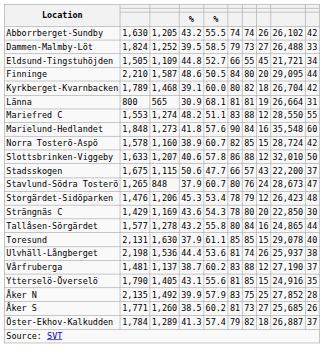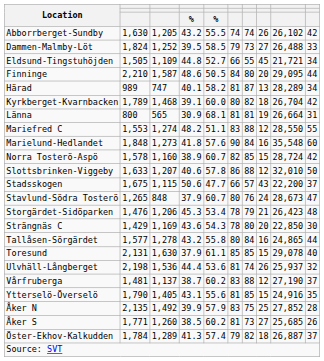 <table role="presentation" class="wikitable sortable mw-collapsible mw-collapsed">
 <tr>
 <th rowspan="3">Location</th>
 <th></th>
 <th></th>
 <th></th>
 <th></th>
 <th></th>
 <th></th>
 <th></th>
 <th></th>
 <th></th>
 </tr>
 <tr>
 <th></th>
 <th></th>
 <th style="background:"></th>
 <th style="background:"></th>
 <th></th>
 <th></th>
 <th></th>
 <th></th>
 <th></th>
 </tr>
 <tr>
 <th data-sort-type="number"></th>
 <th data-sort-type="number"></th>
 <th data-sort-type="number">%</th>
 <th data-sort-type="number">%</th>
 <th data-sort-type="number"></th>
 <th data-sort-type="number"></th>
 <th data-sort-type="number"></th>
 <th data-sort-type="number"></th>
 <th data-sort-type="number"></th>
 </tr>
 <tr>
 <td align="left">Abborrberget-Sundby</td>
 <td>1,630</td>
 <td>1,205</td>
 <td>43.2</td>
 <td>55.5</td>
 <td>74</td>
 <td>74</td>
 <td>26</td>
 <td>26,102</td>
 <td>42</td>
 </tr>
 <tr>
 <td align="left">Dammen-Malmby-Löt</td>
 <td>1,824</td>
 <td>1,252</td>
 <td>39.5</td>
 <td>58.5</td>
 <td>79</td>
 <td>73</td>
 <td>27</td>
 <td>26,488</td>
 <td>33</td>
 </tr>
 <tr>
 <td align="left">Eldsund-Tingstuhöjden</td>
 <td>1,505</td>
 <td>1,109</td>
 <td>44.8</td>
 <td>52.7</td>
 <td>66</td>
 <td>55</td>
 <td>45</td>
 <td>21,721</td>
 <td>34</td>
 </tr>
 <tr>
 <td align="left">Finninge</td>
 <td>2,210</td>
 <td>1,587</td>
 <td>48.6</td>
 <td>50.5</td>
 <td>84</td>
 <td>80</td>
 <td>20</td>
 <td>29,095</td>
 <td>44</td>
+</tr>
+<tr>
+<td align="left">Härad</td>
+<td>989</td>
+<td>747</td>
+<td>40.1</td>
+<td>58.2</td>
+<td>81</td>
+<td>87</td>
+<td>13</td>
+<td>28,289</td>
+<td>34</td>
 </tr>
 <tr>
 <td align="left">Kyrkberget-Kvarnbacken</td>
 <td>1,789</td>
 <td>1,468</td>
 <td>39.1</td>
 <td>60.0</td>
 <td>80</td>
 <td>82</td>
 <td>18</td>
 <td>26,704</td>
 <td>42</td>
 </tr>
 <tr>
 <td align="left">Länna</td>
 <td>800</td>
 <td>565</td>
 <td>30.9</td>
 <td>68.1</td>
 <td>81</td>
 <td>81</td>
 <td>19</td>
 <td>26,664</td>
 <td>31</td>
 </tr>
 <tr>
 <td align="left">Mariefred C</td>
 <td>1,553</td>
 <td>1,274</td>
 <td>48.2</td>
 <td>51.1</td>
 <td>83</td>
 <td>88</td>
 <td>12</td>
 <td>28,550</td>
 <td>55</td>
 </tr>
 <tr>
 <td align="left">Marielund-Hedlandet</td>
 <td>1,848</td>
 <td>1,273</td>
 <td>41.8</td>
 <td>57.6</td>
 <td>90</td>
 <td>84</td>
 <td>16</td>
 <td>35,548</td>
 <td>60</td>
 </tr>
 <tr>
 <td align="left">Norra Tosterö-Aspö</td>
 <td>1,578</td>
 <td>1,160</td>
 <td>38.9</td>
 <td>60.7</td>
 <td>82</td>
 <td>85</td>
 <td>15</td>
 <td>28,724</td>
 <td>42</td>
 </tr>
 <tr>
 <td align="left">Slottsbrinken-Viggeby</td>
 <td>1,633</td>
 <td>1,207</td>
 <td>40.6</td>
 <td>57.8</td>
 <td>86</td>
 <td>88</td>
 <td>12</td>
 <td>32,010</td>
 <td>50</td>
 </tr>
 <tr>
 <td align="left">Stadsskogen</td>
 <td>1,675</td>
 <td>1,115</td>
 <td>50.6</td>
 <td>47.7</td>
 <td>66</td>
 <td>57</td>
 <td>43</td>
 <td>22,200</td>
 <td>37</td>
 </tr>
 <tr>
 <td align="left">Stavlund-Södra Tosterö</td>
 <td>1,265</td>
 <td>848</td>
 <td>37.9</td>
 <td>60.7</td>
 <td>80</td>
 <td>76</td>
 <td>24</td>
 <td>28,673</td>
 <td>47</td>
 </tr>
 <tr>
 <td align="left">Storgärdet-Sidöparken</td>
 <td>1,476</td>
 <td>1,206</td>
 <td>45.3</td>
 <td>53.4</td>
 <td>78</td>
 <td>79</td>
-<td>12</td>
+<td>21</td>
 <td>26,423</td>
 <td>48</td>
 </tr>
 <tr>
 <td align="left">Strängnäs C</td>
 <td>1,429</td>
 <td>1,169</td>
 <td>43.6</td>
 <td>54.3</td>
 <td>78</td>
 <td>80</td>
 <td>20</td>
 <td>22,850</td>
 <td>30</td>
 </tr>
 <tr>
 <td align="left">Tallåsen-Sörgärdet</td>
 <td>1,577</td>
 <td>1,278</td>
 <td>43.2</td>
 <td>55.8</td>
 <td>80</td>
 <td>84</td>
 <td>16</td>
 <td>24,865</td>
 <td>44</td>
 </tr>
 <tr>
 <td align="left">Toresund</td>
 <td>2,131</td>
 <td>1,630</td>
 <td>37.9</td>
 <td>61.1</td>
 <td>85</td>
 <td>85</td>
 <td>15</td>
 <td>29,078</td>
 <td>40</td>
 </tr>
 <tr>
 <td align="left">Ulvhäll-Långberget</td>
 <td>2,198</td>
 <td>1,536</td>
 <td>44.4</td>
 <td>53.6</td>
 <td>81</td>
 <td>74</td>
 <td>26</td>
 <td>25,937</td>
-<td>38</td>
+<td>32</td>
 </tr>
 <tr>
 <td align="left">Vårfruberga</td>
 <td>1,481</td>
 <td>1,137</td>
 <td>38.7</td>
 <td>60.2</td>
 <td>83</td>
 <td>88</td>
 <td>12</td>
 <td>27,190</td>
 <td>37</td>
 </tr>
 <tr>
 <td align="left">Ytterselö-Överselö</td>
 <td>1,790</td>
 <td>1,405</td>
 <td>43.1</td>
 <td>55.6</td>
 <td>81</td>
 <td>85</td>
 <td>15</td>
 <td>24,916</td>
 <td>35</td>
 </tr>
 <tr>
 <td align="left">Åker N</td>
 <td>2,135</td>
 <td>1,492</td>
 <td>39.9</td>
 <td>57.9</td>
 <td>83</td>
 <td>75</td>
 <td>25</td>
 <td>27,852</td>
 <td>28</td>
 </tr>
 <tr>
 <td align="left">Åker S</td>
 <td>1,771</td>
 <td>1,260</td>
 <td>38.5</td>
 <td>60.2</td>
 <td>81</td>
 <td>73</td>
 <td>27</td>
 <td>25,685</td>
 <td>26</td>
 </tr>
 <tr>
 <td align="left">Öster-Ekhov-Kalkudden</td>
 <td>1,784</td>
 <td>1,289</td>
 <td>41.3</td>
 <td>57.4</td>
 <td>79</td>
 <td>82</td>
 <td>18</td>
 <td>26,887</td>
 <td>37</td>
 </tr>
 <tr>
 <td colspan="10" align="left">Source: <a href='#'>SVT</a></td>
 </tr>
 </table>
